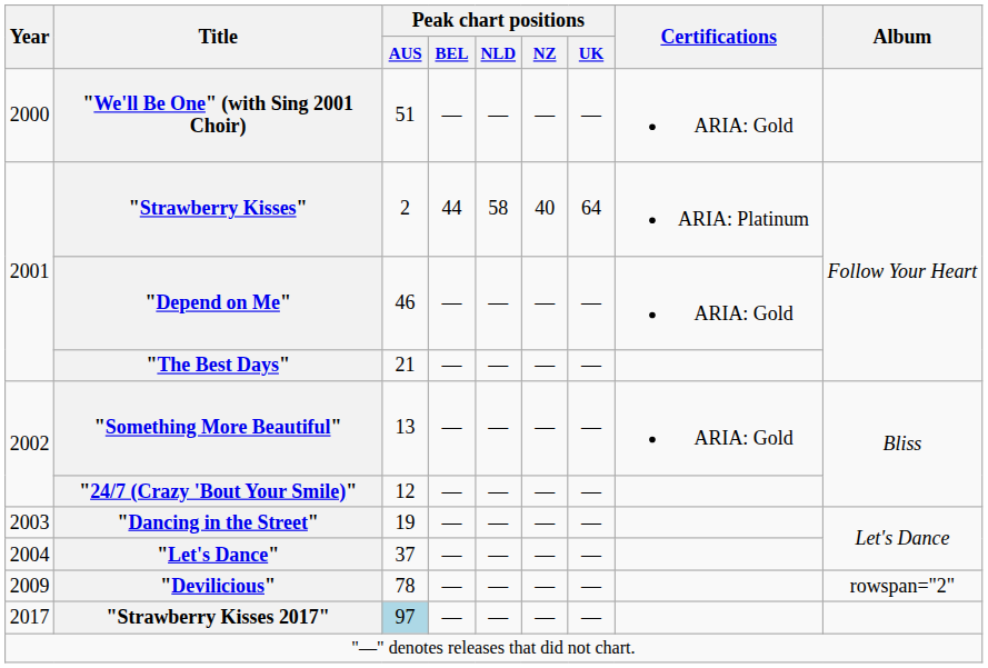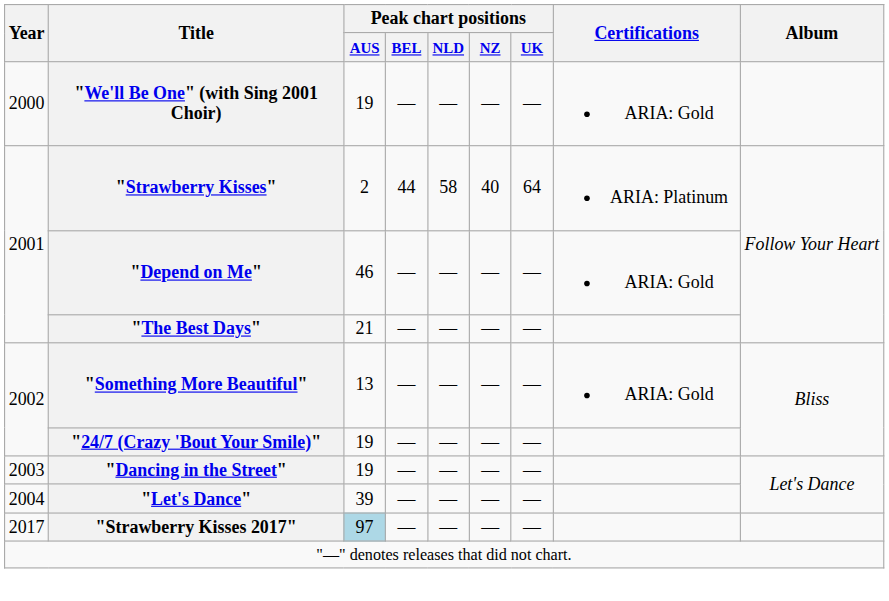 <table class="wikitable plainrowheaders" style="text-align:center;" border="1">
 <tr>
 <th scope="col" rowspan="2">Year</th>
 <th scope="col" rowspan="2" style="width:16em;">Title</th>
 <th scope="col" colspan="5">Peak chart positions</th>
 <th scope="col" rowspan="2" style="width:10em;"><a href='#'>Certifications</a></th>
 <th scope="col" rowspan="2">Album</th>
 </tr>
 <tr>
 <th width="30"><small><a href='#'>AUS</a><br></small></th>
 <th width="30"><small><a href='#'>BEL</a><br></small></th>
 <th width="30"><small><a href='#'>NLD</a><br></small></th>
 <th width="30"><small><a href='#'>NZ</a><br></small></th>
 <th width="30"><small><a href='#'>UK</a><br></small></th>
 </tr>
 <tr>
 <td>2000</td>
 <th scope="row">"<a href='#'>We'll Be One</a>" <span>(with Sing 2001 Choir)</span></th>
-<td>51</td>
+<td>19</td>
 <td>—</td>
 <td>—</td>
 <td>—</td>
 <td>—</td>
 <td><br><ul><li>ARIA: Gold</li></ul></td>
 <td></td>
 </tr>
 <tr>
 <td rowspan="3">2001</td>
 <th scope="row">"<a href='#'>Strawberry Kisses</a>"</th>
 <td>2</td>
 <td>44</td>
 <td>58</td>
 <td>40</td>
 <td>64</td>
 <td><br><ul><li>ARIA: Platinum</li></ul></td>
 <td rowspan="3"><em>Follow Your Heart</em></td>
 </tr>
 <tr>
 <th scope="row">"<a href='#'>Depend on Me</a>"</th>
 <td>46</td>
 <td>—</td>
 <td>—</td>
 <td>—</td>
 <td>—</td>
 <td><br><ul><li>ARIA: Gold</li></ul></td>
 </tr>
 <tr>
 <th scope="row">"<a href='#'>The Best Days</a>"</th>
 <td>21</td>
 <td>—</td>
 <td>—</td>
 <td>—</td>
 <td>—</td>
 <td></td>
 </tr>
 <tr>
 <td rowspan="2">2002</td>
 <th scope="row">"<a href='#'>Something More Beautiful</a>"</th>
 <td>13</td>
 <td>—</td>
 <td>—</td>
 <td>—</td>
 <td>—</td>
 <td><br><ul><li>ARIA: Gold</li></ul></td>
 <td rowspan="2"><em>Bliss</em></td>
 </tr>
 <tr>
 <th scope="row">"<a href='#'>24/7 (Crazy 'Bout Your Smile)</a>"</th>
-<td>12</td>
+<td>19</td>
 <td>—</td>
 <td>—</td>
 <td>—</td>
 <td>—</td>
 <td></td>
 </tr>
 <tr>
 <td>2003</td>
 <th scope="row">"<a href='#'>Dancing in the Street</a>"</th>
 <td>19</td>
 <td>—</td>
 <td>—</td>
 <td>—</td>
 <td>—</td>
 <td></td>
 <td rowspan="2"><em>Let's Dance</em></td>
 </tr>
 <tr>
 <td>2004</td>
 <th scope="row">"<a href='#'>Let's Dance</a>"</th>
-<td>37</td>
+<td>39</td>
 <td>—</td>
 <td>—</td>
 <td>—</td>
 <td>—</td>
 <td></td>
-</tr>
-<tr>
-<td>2009</td>
-<th scope="row">"<a href='#'>Devilicious</a>"</th>
-<td>78</td>
-<td>—</td>
-<td>—</td>
-<td>—</td>
-<td>—</td>
-<td></td>
-<td>rowspan="2" </td>
 </tr>
 <tr>
 <td>2017</td>
 <th scope="row">"Strawberry Kisses 2017"<br></th>
 <td style="background: lightblue;">97</td>
 <td>—</td>
 <td>—</td>
 <td>—</td>
 <td>—</td>
 <td></td>
 </tr>
 <tr>
 <td colspan="9" style="font-size:90%">"—" denotes releases that did not chart.</td>
 </tr>
 </table>
